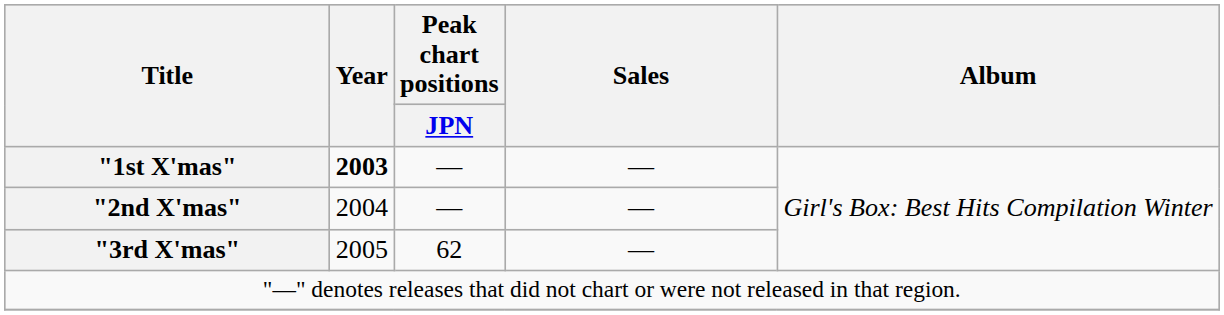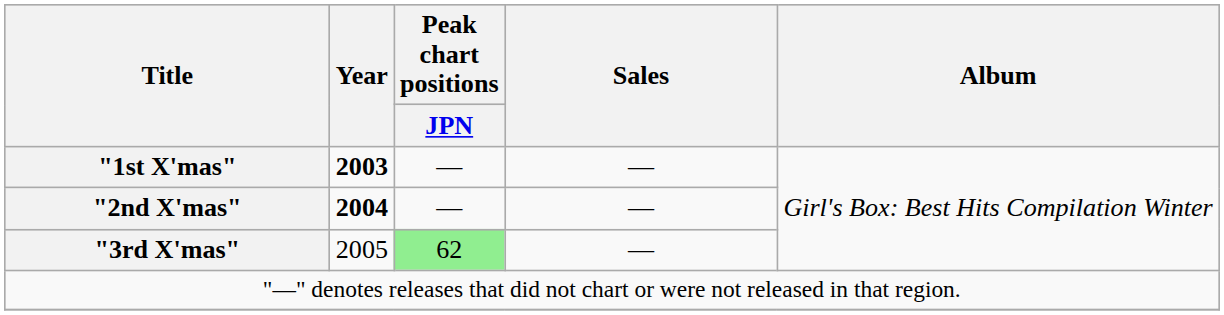 <table class="wikitable plainrowheaders" style="text-align:center;">
 <tr>
 <th rowspan="2" style="width:12em;">Title</th>
 <th rowspan="2">Year</th>
 <th colspan="1">Peak chart positions</th>
 <th rowspan="2" style="width:10em;">Sales</th>
 <th rowspan="2">Album</th>
 </tr>
 <tr>
 <th width="30"><a href='#'>JPN</a></th>
 </tr>
 <tr>
 <th scope="row">"1st X'mas"<br></th>
 <td><strong>2003</strong></td>
 <td>—</td>
 <td>—</td>
 <td rowspan="3"><em>Girl's Box: Best Hits Compilation Winter</em></td>
 </tr>
 <tr>
 <th scope="row">"2nd X'mas"<br></th>
-<td>2004</td>
+<td><strong>2004</strong></td>
 <td>—</td>
 <td>—</td>
 </tr>
 <tr>
 <th scope="row">"3rd X'mas"<br></th>
 <td>2005</td>
-<td>62</td>
+<td style="background: lightgreen;">62</td>
 <td>—</td>
 </tr>
 <tr>
 <td colspan="5" style="font-size:90%;">"—" denotes releases that did not chart or were not released in that region.</td>
 </tr>
 <tr>
 </tr>
 </table>
